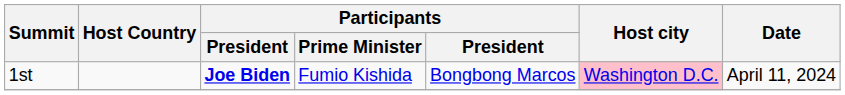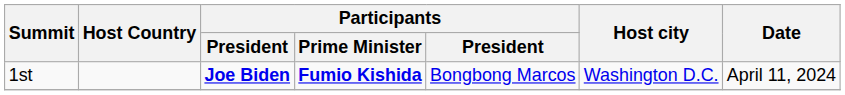 <table class="wikitable">
 <tr>
 <th rowspan=2>Summit</th>
 <th rowspan=2>Host Country</th>
 <th colspan=3>Participants</th>
 <th rowspan=2>Host city</th>
 <th rowspan=2>Date</th>
 </tr>
 <tr>
 <th> President</th>
 <th> Prime Minister</th>
 <th> President</th>
 </tr>
 <tr>
 <td>1st</td>
 <td></td>
 <td><strong><a href='#'>Joe Biden</a></strong></td>
-<td><a href='#'>Fumio Kishida</a></td>
+<td><strong><a href='#'>Fumio Kishida</a></strong></td>
 <td><a href='#'>Bongbong Marcos</a></td>
-<td style="background: pink;"><a href='#'>Washington D.C.</a></td>
+<td><a href='#'>Washington D.C.</a></td>
 <td>April 11, 2024</td>
 </tr>
 <tr>
 </tr>
 </table>
